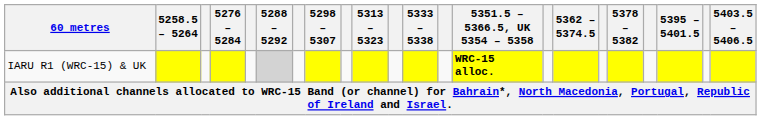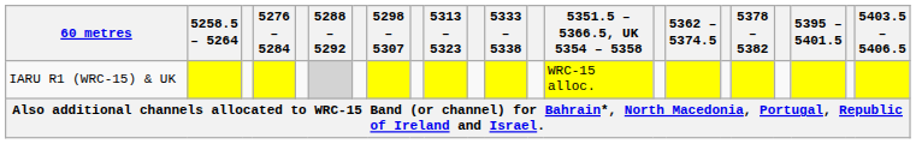 <table class="wikitable" style="font-size:70%">
 <tr>
 <th width=120px><a href='#'>60 metres</a></th>
 <th width= 25px>5258.5 – 5264</th>
 <th width=  3px></th>
 <th width= 25px>5276 – 5284</th>
 <th width=  4px></th>
 <th width= 25px>5288 – 5292</th>
 <th width=  6px></th>
 <th width= 25px>5298 – 5307</th>
 <th width=  5px></th>
 <th width= 25px>5313 – 5323</th>
 <th width=  7px></th>
 <th width= 25px>5333 – 5338</th>
 <th width=  7px></th>
 <th width= 70px>5351.5 – 5366.5, UK 5354 – 5358</th>
 <th width=  4px></th>
 <th width= 30px>5362 – 5374.5</th>
 <th width=  3px></th>
 <th width= 25px>5378 – 5382</th>
 <th width=  7px></th>
 <th width= 30px>5395 – 5401.5</th>
 <th width=  2px></th>
 <th width= 30px>5403.5 – 5406.5</th>
 </tr>
 <tr>
 <td>IARU R1 (WRC-15) & UK</td>
 <td style="background-color: yellow"></td>
 <td></td>
 <td style="background-color: yellow"></td>
 <td></td>
 <td style="background-color: lightgrey"></td>
 <td></td>
 <td style="background-color: yellow"></td>
 <td></td>
 <td style="background-color: yellow"></td>
 <td></td>
 <td style="background-color: yellow"></td>
 <td></td>
-<td style="background-color: yellow"><strong>WRC-15 alloc.</strong></td>
+<td style="background-color: yellow">WRC-15 alloc.</td>
 <td></td>
 <td style="background-color: yellow"></td>
 <td></td>
 <td style="background-color: yellow"></td>
 <td></td>
 <td style="background-color: yellow"></td>
 <td></td>
 <td style="background-color: yellow"></td>
 </tr>
 <tr>
 <th colspan=24>Also additional channels allocated to WRC-15 Band (or channel) for <a href='#'>Bahrain</a>*, <a href='#'>North Macedonia</a>, <a href='#'>Portugal</a>, <a href='#'>Republic of Ireland</a> and <a href='#'>Israel</a>.</th>
 </tr>
 </table>
